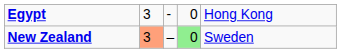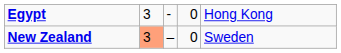 <table class="wikitable">
 <tr>
 <td width=150> <strong><a href='#'>Egypt</a></strong></td>
 <td style="width:20px; text-align:left;">3</td>
 <td>-</td>
 <td style="width:20px; text-align:right;">0</td>
 <td width=150> <a href='#'>Hong Kong</a></td>
 </tr>
 <tr>
 <td> <strong><a href='#'>New Zealand</a></strong></td>
 <td style="background: lightsalmon; text-align:left;">3</td>
 <td>–</td>
-<td style="background: lightgreen; text-align:right;">0</td>
+<td style="text-align:right;">0</td>
 <td> <a href='#'>Sweden</a></td>
 </tr>
 </table>
